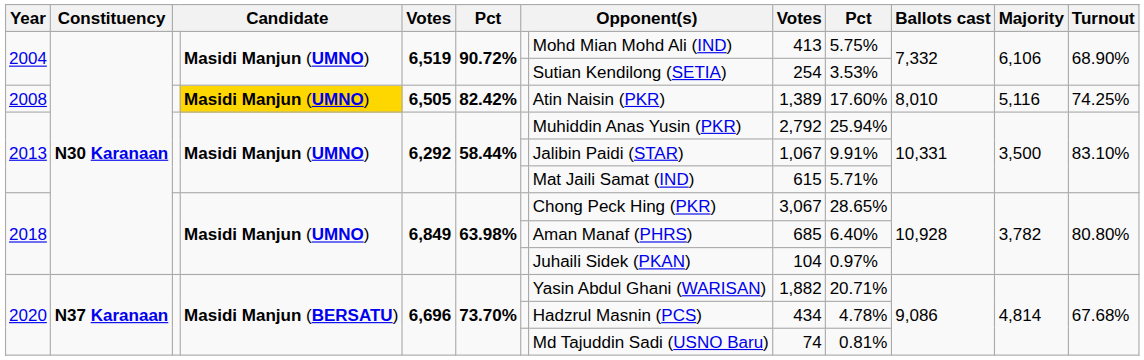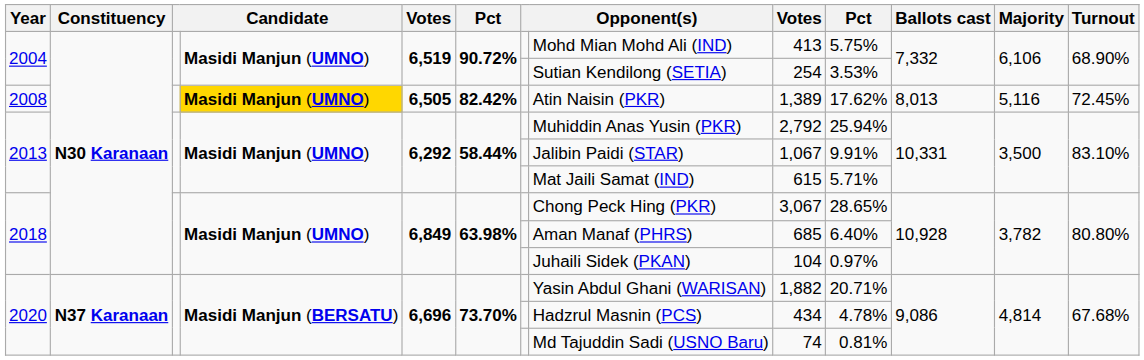 <table class="wikitable" style="margin:0.5em ; font-size:95%">
 <tr>
 <th>Year</th>
 <th>Constituency</th>
 <th colspan=2>Candidate</th>
 <th>Votes</th>
 <th>Pct</th>
 <th colspan=2>Opponent(s)</th>
 <th>Votes</th>
 <th>Pct</th>
 <th>Ballots cast</th>
 <th>Majority</th>
 <th>Turnout</th>
 </tr>
 <tr>
 <td rowspan=2><a href='#'>2004</a></td>
 <td rowspan=9><strong>N30 <a href='#'>Karanaan</a></strong></td>
 <td rowspan=2 ></td>
 <td rowspan=2><strong>Masidi Manjun</strong> (<a href='#'><strong>UMNO</strong></a>)</td>
 <td rowspan=2 align="right"><strong>6,519</strong></td>
 <td rowspan=2><strong>90.72%</strong></td>
 <td></td>
 <td>Mohd Mian Mohd Ali (<a href='#'>IND</a>)</td>
 <td align="right">413</td>
 <td>5.75%</td>
 <td rowspan=2>7,332</td>
 <td rowspan=2>6,106</td>
 <td rowspan=2>68.90%</td>
 </tr>
 <tr>
 <td></td>
 <td>Sutian Kendilong (<a href='#'>SETIA</a>)</td>
 <td align="right">254</td>
 <td>3.53%</td>
 </tr>
 <tr>
 <td><a href='#'>2008</a></td>
 <td></td>
 <td style="background: gold;"><strong>Masidi Manjun</strong> (<a href='#'><strong>UMNO</strong></a>)</td>
 <td align="right"><strong>6,505</strong></td>
 <td><strong>82.42%</strong></td>
 <td></td>
 <td>Atin Naisin (<a href='#'>PKR</a>)</td>
 <td align="right">1,389</td>
-<td>17.60%</td>
-<td>8,010</td>
+<td>17.62%</td>
+<td>8,013</td>
 <td>5,116</td>
-<td>74.25%</td>
+<td>72.45%</td>
 </tr>
 <tr>
 <td rowspan=3><a href='#'>2013</a></td>
 <td rowspan=3 ></td>
 <td rowspan=3><strong>Masidi Manjun</strong> (<a href='#'><strong>UMNO</strong></a>)</td>
 <td rowspan=3 align="right"><strong>6,292</strong></td>
 <td rowspan=3><strong>58.44%</strong></td>
 <td></td>
 <td>Muhiddin Anas Yusin (<a href='#'>PKR</a>)</td>
 <td align="right">2,792</td>
 <td>25.94%</td>
 <td rowspan=3>10,331</td>
 <td rowspan=3>3,500</td>
 <td rowspan=3>83.10%</td>
 </tr>
 <tr>
 <td></td>
 <td>Jalibin Paidi (<a href='#'>STAR</a>)</td>
 <td align="right">1,067</td>
 <td>9.91%</td>
 </tr>
 <tr>
 <td></td>
 <td>Mat Jaili Samat (<a href='#'>IND</a>)</td>
 <td align="right">615</td>
 <td>5.71%</td>
 </tr>
 <tr>
 <td rowspan=3><a href='#'>2018</a></td>
 <td rowspan=3 ></td>
 <td rowspan=3><strong>Masidi Manjun</strong> (<a href='#'><strong>UMNO</strong></a>)</td>
 <td rowspan=3 align="right"><strong>6,849</strong></td>
 <td rowspan=3><strong>63.98%</strong></td>
 <td></td>
 <td>Chong Peck Hing (<a href='#'>PKR</a>)</td>
 <td align="right">3,067</td>
 <td>28.65%</td>
 <td rowspan=3>10,928</td>
 <td rowspan=3>3,782</td>
 <td rowspan=3>80.80%</td>
 </tr>
 <tr>
 <td></td>
 <td>Aman Manaf (<a href='#'>PHRS</a>)</td>
 <td align="right">685</td>
 <td>6.40%</td>
 </tr>
 <tr>
 <td></td>
 <td>Juhaili Sidek (<a href='#'>PKAN</a>)</td>
 <td align="right">104</td>
 <td>0.97%</td>
 </tr>
 <tr>
 <td rowspan=3><a href='#'>2020</a></td>
 <td rowspan=3><strong>N37 <a href='#'>Karanaan</a></strong></td>
 <td rowspan=3 ></td>
 <td rowspan=3><strong>Masidi Manjun</strong> (<strong><a href='#'>BERSATU</a></strong>)</td>
 <td rowspan=3 align="right"><strong>6,696</strong></td>
 <td rowspan=3><strong>73.70%</strong></td>
 <td></td>
 <td>Yasin Abdul Ghani (<a href='#'>WARISAN</a>)</td>
 <td align="right">1,882</td>
 <td>20.71%</td>
 <td rowspan=3>9,086</td>
 <td rowspan=3>4,814</td>
 <td rowspan=3>67.68%</td>
 </tr>
 <tr>
 <td></td>
 <td>Hadzrul Masnin (<a href='#'>PCS</a>)</td>
 <td align="right">434</td>
 <td align=right>4.78%</td>
 </tr>
 <tr>
 <td bgcolor=></td>
 <td>Md Tajuddin Sadi (<a href='#'>USNO Baru</a>)</td>
 <td align="right">74</td>
 <td align=right>0.81%</td>
 </tr>
 </table>
